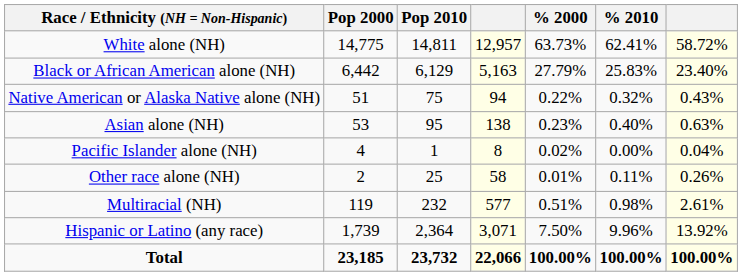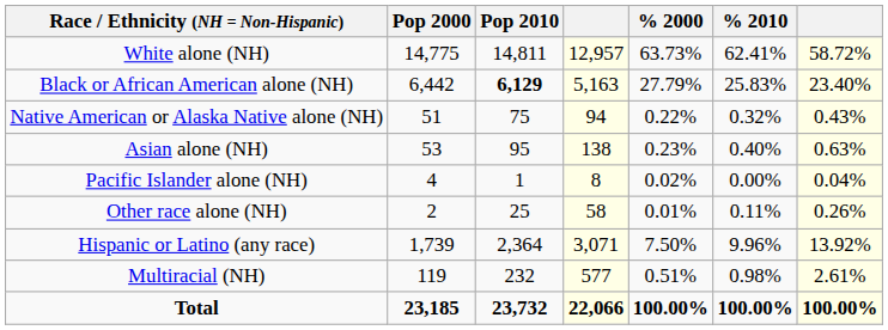 <table class="wikitable" style="text-align:center;">
 <tr>
 <th>Race / Ethnicity <small>(<em>NH = Non-Hispanic</em>)</small></th>
 <th>Pop 2000</th>
 <th>Pop 2010</th>
 <th></th>
 <th>% 2000</th>
 <th>% 2010</th>
 <th></th>
 </tr>
 <tr>
 <td><a href='#'>White</a> alone (NH)</td>
 <td>14,775</td>
 <td>14,811</td>
 <td style='background: #ffffe6;'>12,957</td>
 <td>63.73%</td>
 <td>62.41%</td>
 <td style='background: #ffffe6;'>58.72%</td>
 </tr>
 <tr>
 <td><a href='#'>Black or African American</a> alone (NH)</td>
 <td>6,442</td>
-<td>6,129</td>
+<td><strong>6,129</strong></td>
 <td style='background: #ffffe6;'>5,163</td>
 <td>27.79%</td>
 <td>25.83%</td>
 <td style='background: #ffffe6;'>23.40%</td>
 </tr>
 <tr>
 <td><a href='#'>Native American</a> or <a href='#'>Alaska Native</a> alone (NH)</td>
 <td>51</td>
 <td>75</td>
 <td style='background: #ffffe6;'>94</td>
 <td>0.22%</td>
 <td>0.32%</td>
 <td style='background: #ffffe6;'>0.43%</td>
 </tr>
 <tr>
 <td><a href='#'>Asian</a> alone (NH)</td>
 <td>53</td>
 <td>95</td>
 <td style='background: #ffffe6;'>138</td>
 <td>0.23%</td>
 <td>0.40%</td>
 <td style='background: #ffffe6;'>0.63%</td>
 </tr>
 <tr>
 <td><a href='#'>Pacific Islander</a> alone (NH)</td>
 <td>4</td>
 <td>1</td>
 <td style='background: #ffffe6;'>8</td>
 <td>0.02%</td>
 <td>0.00%</td>
 <td style='background: #ffffe6;'>0.04%</td>
 </tr>
 <tr>
 <td><a href='#'>Other race</a> alone (NH)</td>
 <td>2</td>
 <td>25</td>
 <td style='background: #ffffe6;'>58</td>
 <td>0.01%</td>
 <td>0.11%</td>
 <td style='background: #ffffe6;'>0.26%</td>
 </tr>
 <tr>
+<td><a href='#'>Hispanic or Latino</a> (any race)</td>
+<td>1,739</td>
+<td>2,364</td>
+<td style='background: #ffffe6;'>3,071</td>
+<td>7.50%</td>
+<td>9.96%</td>
+<td style='background: #ffffe6;'>13.92%</td>
+</tr>
+<tr>
 <td><a href='#'>Multiracial</a> (NH)</td>
 <td>119</td>
 <td>232</td>
 <td style='background: #ffffe6;'>577</td>
 <td>0.51%</td>
 <td>0.98%</td>
 <td style='background: #ffffe6;'>2.61%</td>
-</tr>
-<tr>
-<td><a href='#'>Hispanic or Latino</a> (any race)</td>
-<td>1,739</td>
-<td>2,364</td>
-<td style='background: #ffffe6;'>3,071</td>
-<td>7.50%</td>
-<td>9.96%</td>
-<td style='background: #ffffe6;'>13.92%</td>
 </tr>
 <tr>
 <td><strong>Total</strong></td>
 <td><strong>23,185</strong></td>
 <td><strong>23,732</strong></td>
 <td style='background: #ffffe6;'><strong>22,066</strong></td>
 <td><strong>100.00%</strong></td>
 <td><strong>100.00%</strong></td>
 <td style='background: #ffffe6;'><strong>100.00%</strong></td>
 </tr>
 </table>
